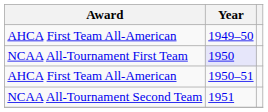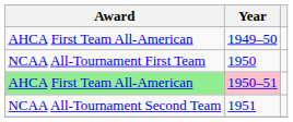 <table class="wikitable">
 <tr>
 <th>Award</th>
 <th>Year</th>
 <th></th>
 </tr>
 <tr>
 <td><a href='#'>AHCA</a> <a href='#'>First Team All-American</a></td>
 <td><a href='#'>1949–50</a></td>
 <td></td>
 </tr>
 <tr>
 <td><a href='#'>NCAA</a> <a href='#'>All-Tournament First Team</a></td>
-<td style="background: lavender;"><a href='#'>1950</a></td>
+<td><a href='#'>1950</a></td>
 <td></td>
 </tr>
 <tr>
-<td><a href='#'>AHCA</a> <a href='#'>First Team All-American</a></td>
-<td><a href='#'>1950–51</a></td>
+<td style="background: lightgreen;"><a href='#'>AHCA</a> <a href='#'>First Team All-American</a></td>
+<td style="background: pink;"><a href='#'>1950–51</a></td>
 <td></td>
 </tr>
 <tr>
 <td><a href='#'>NCAA</a> <a href='#'>All-Tournament Second Team</a></td>
 <td><a href='#'>1951</a></td>
 <td></td>
 </tr>
 <tr>
 </tr>
 </table>
